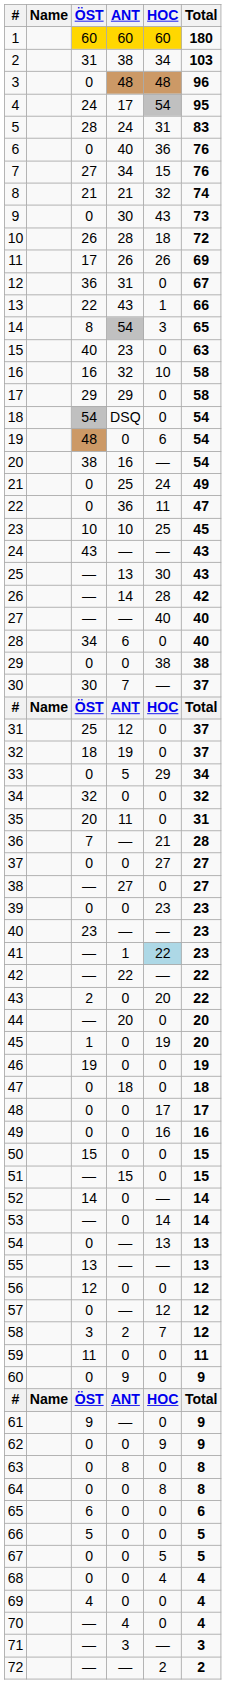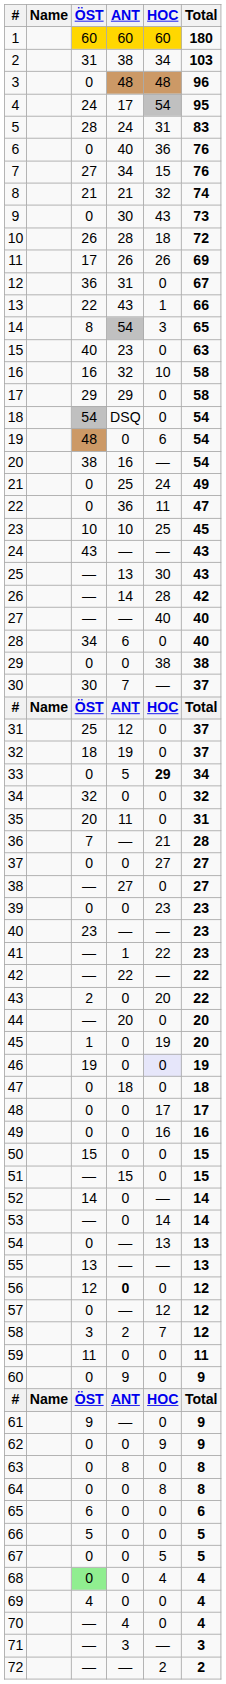 <table class="wikitable sortable" style="text-align:center;">
 <tr>
 <th>#</th>
 <th>Name</th>
 <th><a href='#'>ÖST</a></th>
 <th><a href='#'>ANT</a></th>
 <th><a href='#'>HOC</a></th>
 <th><strong>Total</strong> </th>
 </tr>
 <tr>
 <td>1</td>
 <td align="left"></td>
 <td bgcolor="gold">60</td>
 <td bgcolor="gold">60</td>
 <td bgcolor="gold">60</td>
 <td><strong>180</strong></td>
 </tr>
 <tr>
 <td>2</td>
 <td align="left"></td>
 <td>31</td>
 <td>38</td>
 <td>34</td>
 <td><strong>103</strong></td>
 </tr>
 <tr>
 <td>3</td>
 <td align="left"></td>
 <td>0</td>
 <td bgcolor="CC9966">48</td>
 <td bgcolor="CC9966">48</td>
 <td><strong>96</strong></td>
 </tr>
 <tr>
 <td>4</td>
 <td align="left"></td>
 <td>24</td>
 <td>17</td>
 <td bgcolor="silver">54</td>
 <td><strong>95</strong></td>
 </tr>
 <tr>
 <td>5</td>
 <td align="left"></td>
 <td>28</td>
 <td>24</td>
 <td>31</td>
 <td><strong>83</strong></td>
 </tr>
 <tr>
 <td>6</td>
 <td align="left"></td>
 <td>0</td>
 <td>40</td>
 <td>36</td>
 <td><strong>76</strong></td>
 </tr>
 <tr>
 <td>7</td>
 <td align="left"></td>
 <td>27</td>
 <td>34</td>
 <td>15</td>
 <td><strong>76</strong></td>
 </tr>
 <tr>
 <td>8</td>
 <td align="left"></td>
 <td>21</td>
 <td>21</td>
 <td>32</td>
 <td><strong>74</strong></td>
 </tr>
 <tr>
 <td>9</td>
 <td align="left"></td>
 <td>0</td>
 <td>30</td>
 <td>43</td>
 <td><strong>73</strong></td>
 </tr>
 <tr>
 <td>10</td>
 <td align="left"></td>
 <td>26</td>
 <td>28</td>
 <td>18</td>
 <td><strong>72</strong></td>
 </tr>
 <tr>
 <td>11</td>
 <td align="left"></td>
 <td>17</td>
 <td>26</td>
 <td>26</td>
 <td><strong>69</strong></td>
 </tr>
 <tr>
 <td>12</td>
 <td align="left"></td>
 <td>36</td>
 <td>31</td>
 <td>0</td>
 <td><strong>67</strong></td>
 </tr>
 <tr>
 <td>13</td>
 <td align="left"></td>
 <td>22</td>
 <td>43</td>
 <td>1</td>
 <td><strong>66</strong></td>
 </tr>
 <tr>
 <td>14</td>
 <td align="left"></td>
 <td>8</td>
 <td bgcolor="silver">54</td>
 <td>3</td>
 <td><strong>65</strong></td>
 </tr>
 <tr>
 <td>15</td>
 <td align="left"></td>
 <td>40</td>
 <td>23</td>
 <td>0</td>
 <td><strong>63</strong></td>
 </tr>
 <tr>
 <td>16</td>
 <td align="left"></td>
 <td>16</td>
 <td>32</td>
 <td>10</td>
 <td><strong>58</strong></td>
 </tr>
 <tr>
 <td>17</td>
 <td align="left"></td>
 <td>29</td>
 <td>29</td>
 <td>0</td>
 <td><strong>58</strong></td>
 </tr>
 <tr>
 <td>18</td>
 <td align="left"></td>
 <td bgcolor="silver">54</td>
 <td>DSQ</td>
 <td>0</td>
 <td><strong>54</strong></td>
 </tr>
 <tr>
 <td>19</td>
 <td align="left"></td>
 <td bgcolor="CC9966">48</td>
 <td>0</td>
 <td>6</td>
 <td><strong>54</strong></td>
 </tr>
 <tr>
 <td>20</td>
 <td align="left"></td>
 <td>38</td>
 <td>16</td>
 <td>—</td>
 <td><strong>54</strong></td>
 </tr>
 <tr>
 <td>21</td>
 <td align="left"></td>
 <td>0</td>
 <td>25</td>
 <td>24</td>
 <td><strong>49</strong></td>
 </tr>
 <tr>
 <td>22</td>
 <td align="left"></td>
 <td>0</td>
 <td>36</td>
 <td>11</td>
 <td><strong>47</strong></td>
 </tr>
 <tr>
 <td>23</td>
 <td align="left"></td>
 <td>10</td>
 <td>10</td>
 <td>25</td>
 <td><strong>45</strong></td>
 </tr>
 <tr>
 <td>24</td>
 <td align="left"></td>
 <td>43</td>
 <td>—</td>
 <td>—</td>
 <td><strong>43</strong></td>
 </tr>
 <tr>
 <td>25</td>
 <td align="left"></td>
 <td>—</td>
 <td>13</td>
 <td>30</td>
 <td><strong>43</strong></td>
 </tr>
 <tr>
 <td>26</td>
 <td align="left"></td>
 <td>—</td>
 <td>14</td>
 <td>28</td>
 <td><strong>42</strong></td>
 </tr>
 <tr>
 <td>27</td>
 <td align="left"></td>
 <td>—</td>
 <td>—</td>
 <td>40</td>
 <td><strong>40</strong></td>
 </tr>
 <tr>
 <td>28</td>
 <td align="left"></td>
 <td>34</td>
 <td>6</td>
 <td>0</td>
 <td><strong>40</strong></td>
 </tr>
 <tr>
 <td>29</td>
 <td align="left"></td>
 <td>0</td>
 <td>0</td>
 <td>38</td>
 <td><strong>38</strong></td>
 </tr>
 <tr>
 <td>30</td>
 <td align="left"></td>
 <td>30</td>
 <td>7</td>
 <td>—</td>
 <td><strong>37</strong></td>
 </tr>
 <tr>
 <th>#</th>
 <th>Name</th>
 <th><a href='#'>ÖST</a></th>
 <th><a href='#'>ANT</a></th>
 <th><a href='#'>HOC</a></th>
 <th><strong>Total</strong></th>
 </tr>
 <tr>
 <td>31</td>
 <td align="left"></td>
 <td>25</td>
 <td>12</td>
 <td>0</td>
 <td><strong>37</strong></td>
 </tr>
 <tr>
 <td>32</td>
 <td align="left"></td>
 <td>18</td>
 <td>19</td>
 <td>0</td>
 <td><strong>37</strong></td>
 </tr>
 <tr>
 <td>33</td>
 <td align="left"></td>
 <td>0</td>
 <td>5</td>
-<td>29</td>
+<td><strong>29</strong></td>
 <td><strong>34</strong></td>
 </tr>
 <tr>
 <td>34</td>
 <td align="left"></td>
 <td>32</td>
 <td>0</td>
 <td>0</td>
 <td><strong>32</strong></td>
 </tr>
 <tr>
 <td>35</td>
 <td align="left"></td>
 <td>20</td>
 <td>11</td>
 <td>0</td>
 <td><strong>31</strong></td>
 </tr>
 <tr>
 <td>36</td>
 <td align="left"></td>
 <td>7</td>
 <td>—</td>
 <td>21</td>
 <td><strong>28</strong></td>
 </tr>
 <tr>
 <td>37</td>
 <td align="left"></td>
 <td>0</td>
 <td>0</td>
 <td>27</td>
 <td><strong>27</strong></td>
 </tr>
 <tr>
 <td>38</td>
 <td align="left"></td>
 <td>—</td>
 <td>27</td>
 <td>0</td>
 <td><strong>27</strong></td>
 </tr>
 <tr>
 <td>39</td>
 <td align="left"></td>
 <td>0</td>
 <td>0</td>
 <td>23</td>
 <td><strong>23</strong></td>
 </tr>
 <tr>
 <td>40</td>
 <td align="left"></td>
 <td>23</td>
 <td>—</td>
 <td>—</td>
 <td><strong>23</strong></td>
 </tr>
 <tr>
 <td>41</td>
 <td align="left"></td>
 <td>—</td>
 <td>1</td>
-<td style="background: lightblue;">22</td>
+<td>22</td>
 <td><strong>23</strong></td>
 </tr>
 <tr>
 <td>42</td>
 <td align="left"></td>
 <td>—</td>
 <td>22</td>
 <td>—</td>
 <td><strong>22</strong></td>
 </tr>
 <tr>
 <td>43</td>
 <td align="left"></td>
 <td>2</td>
 <td>0</td>
 <td>20</td>
 <td><strong>22</strong></td>
 </tr>
 <tr>
 <td>44</td>
 <td align="left"></td>
 <td>—</td>
 <td>20</td>
 <td>0</td>
 <td><strong>20</strong></td>
 </tr>
 <tr>
 <td>45</td>
 <td align="left"></td>
 <td>1</td>
 <td>0</td>
 <td>19</td>
 <td><strong>20</strong></td>
 </tr>
 <tr>
 <td>46</td>
 <td align="left"></td>
 <td>19</td>
 <td>0</td>
-<td>0</td>
+<td style="background: lavender;">0</td>
 <td><strong>19</strong></td>
 </tr>
 <tr>
 <td>47</td>
 <td align="left"></td>
 <td>0</td>
 <td>18</td>
 <td>0</td>
 <td><strong>18</strong></td>
 </tr>
 <tr>
 <td>48</td>
 <td align="left"></td>
 <td>0</td>
 <td>0</td>
 <td>17</td>
 <td><strong>17</strong></td>
 </tr>
 <tr>
 <td>49</td>
 <td align="left"></td>
 <td>0</td>
 <td>0</td>
 <td>16</td>
 <td><strong>16</strong></td>
 </tr>
 <tr>
 <td>50</td>
 <td align="left"></td>
 <td>15</td>
 <td>0</td>
 <td>0</td>
 <td><strong>15</strong></td>
 </tr>
 <tr>
 <td>51</td>
 <td align="left"></td>
 <td>—</td>
 <td>15</td>
 <td>0</td>
 <td><strong>15</strong></td>
 </tr>
 <tr>
 <td>52</td>
 <td align="left"></td>
 <td>14</td>
 <td>0</td>
 <td>—</td>
 <td><strong>14</strong></td>
 </tr>
 <tr>
 <td>53</td>
 <td align="left"></td>
 <td>—</td>
 <td>0</td>
 <td>14</td>
 <td><strong>14</strong></td>
 </tr>
 <tr>
 <td>54</td>
 <td align="left"></td>
 <td>0</td>
 <td>—</td>
 <td>13</td>
 <td><strong>13</strong></td>
 </tr>
 <tr>
 <td>55</td>
 <td align="left"></td>
 <td>13</td>
 <td>—</td>
 <td>—</td>
 <td><strong>13</strong></td>
 </tr>
 <tr>
 <td>56</td>
 <td align="left"></td>
 <td>12</td>
-<td>0</td>
+<td><strong>0</strong></td>
 <td>0</td>
 <td><strong>12</strong></td>
 </tr>
 <tr>
 <td>57</td>
 <td align="left"></td>
 <td>0</td>
 <td>—</td>
 <td>12</td>
 <td><strong>12</strong></td>
 </tr>
 <tr>
 <td>58</td>
 <td align="left"></td>
 <td>3</td>
 <td>2</td>
 <td>7</td>
 <td><strong>12</strong></td>
 </tr>
 <tr>
 <td>59</td>
 <td align="left"></td>
 <td>11</td>
 <td>0</td>
 <td>0</td>
 <td><strong>11</strong></td>
 </tr>
 <tr>
 <td>60</td>
 <td align="left"></td>
 <td>0</td>
 <td>9</td>
 <td>0</td>
 <td><strong>9</strong></td>
 </tr>
 <tr>
 <th>#</th>
 <th>Name</th>
 <th><a href='#'>ÖST</a></th>
 <th><a href='#'>ANT</a></th>
 <th><a href='#'>HOC</a></th>
 <th><strong>Total</strong></th>
 </tr>
 <tr>
 <td>61</td>
 <td align="left"></td>
 <td>9</td>
 <td>—</td>
 <td>0</td>
 <td><strong>9</strong></td>
 </tr>
 <tr>
 <td>62</td>
 <td align="left"></td>
 <td>0</td>
 <td>0</td>
 <td>9</td>
 <td><strong>9</strong></td>
 </tr>
 <tr>
 <td>63</td>
 <td align="left"></td>
 <td>0</td>
 <td>8</td>
 <td>0</td>
 <td><strong>8</strong></td>
 </tr>
 <tr>
 <td>64</td>
 <td align="left"></td>
 <td>0</td>
 <td>0</td>
 <td>8</td>
 <td><strong>8</strong></td>
 </tr>
 <tr>
 <td>65</td>
 <td align="left"></td>
 <td>6</td>
 <td>0</td>
 <td>0</td>
 <td><strong>6</strong></td>
 </tr>
 <tr>
 <td>66</td>
 <td align="left"></td>
 <td>5</td>
 <td>0</td>
 <td>0</td>
 <td><strong>5</strong></td>
 </tr>
 <tr>
 <td>67</td>
 <td align="left"></td>
 <td>0</td>
 <td>0</td>
 <td>5</td>
 <td><strong>5</strong></td>
 </tr>
 <tr>
 <td>68</td>
 <td align="left"></td>
-<td>0</td>
+<td style="background: lightgreen;">0</td>
 <td>0</td>
 <td>4</td>
 <td><strong>4</strong></td>
 </tr>
 <tr>
 <td>69</td>
 <td align="left"></td>
 <td>4</td>
 <td>0</td>
 <td>0</td>
 <td><strong>4</strong></td>
 </tr>
 <tr>
 <td>70</td>
 <td align="left"></td>
 <td>—</td>
 <td>4</td>
 <td>0</td>
 <td><strong>4</strong></td>
 </tr>
 <tr>
 <td>71</td>
 <td align="left"></td>
 <td>—</td>
 <td>3</td>
 <td>—</td>
 <td><strong>3</strong></td>
 </tr>
 <tr>
 <td>72</td>
 <td align="left"></td>
 <td>—</td>
 <td>—</td>
 <td>2</td>
 <td><strong>2</strong></td>
 </tr>
 </table>
